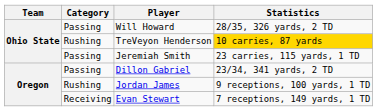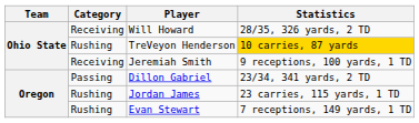 <table class="wikitable" style="float:right">
 <tr>
 <th>Team</th>
 <th>Category</th>
 <th>Player</th>
 <th>Statistics</th>
 </tr>
 <tr>
 <th rowspan=3>Ohio State</th>
-<td>Passing</td>
+<td>Receiving</td>
 <td>Will Howard</td>
 <td>28/35, 326 yards, 2 TD</td>
 </tr>
 <tr>
 <td>Rushing</td>
 <td>TreVeyon Henderson</td>
 <td style="background: gold;">10 carries, 87 yards</td>
 </tr>
 <tr>
-<td>Passing</td>
+<td>Receiving</td>
 <td>Jeremiah Smith</td>
-<td>23 carries, 115 yards, 1 TD</td>
+<td>9 receptions, 100 yards, 1 TD</td>
 </tr>
 <tr>
 <th rowspan=3>Oregon</th>
 <td>Passing</td>
 <td><a href='#'>Dillon Gabriel</a></td>
 <td>23/34, 341 yards, 2 TD</td>
 </tr>
 <tr>
 <td>Rushing</td>
 <td><a href='#'>Jordan James</a></td>
-<td>9 receptions, 100 yards, 1 TD</td>
+<td>23 carries, 115 yards, 1 TD</td>
 </tr>
 <tr>
-<td>Receiving</td>
+<td>Rushing</td>
 <td><a href='#'>Evan Stewart</a></td>
 <td>7 receptions, 149 yards, 1 TD</td>
 </tr>
 </table>
